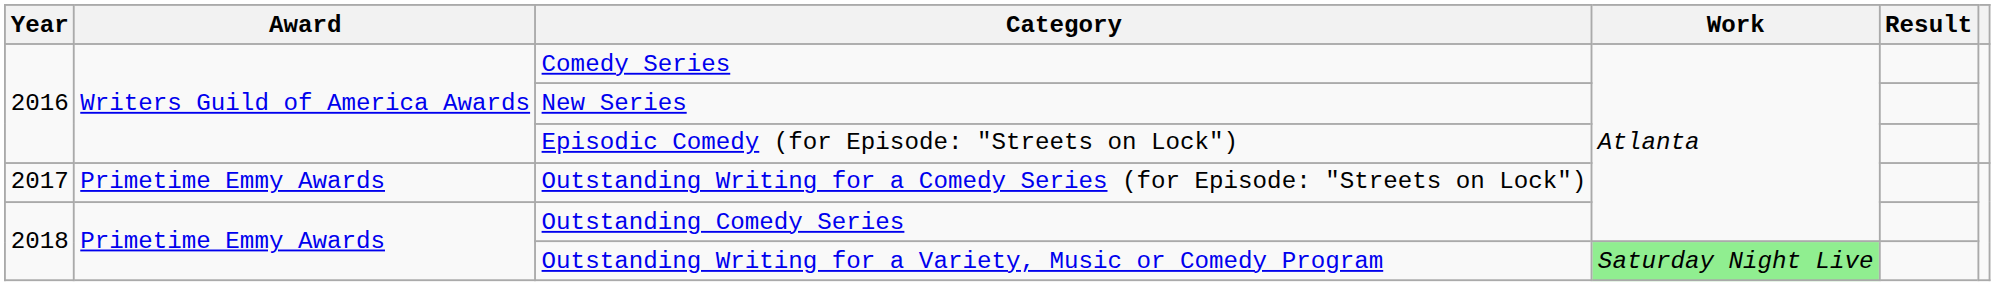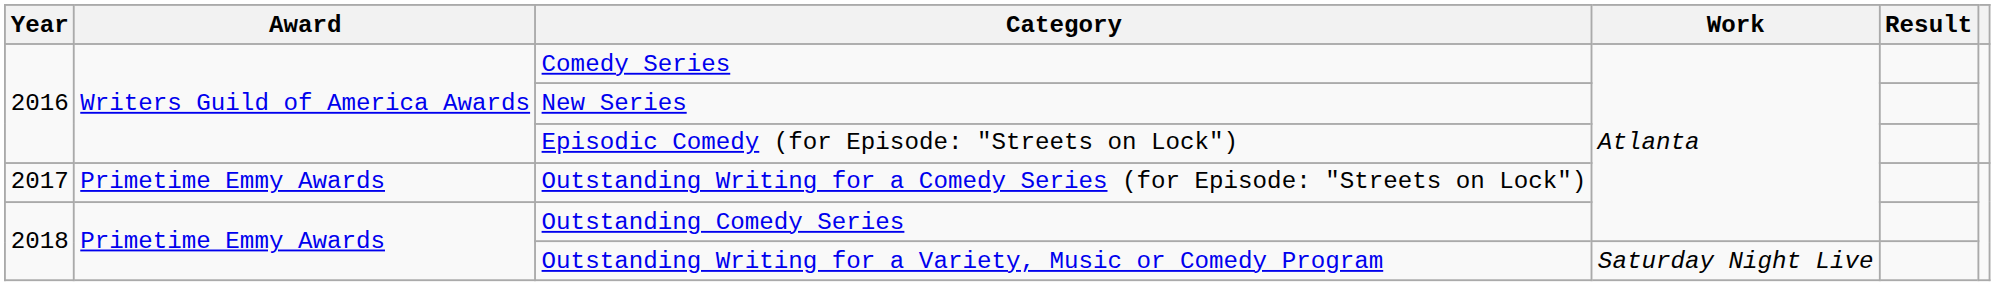 <table class="wikitable sortable">
 <tr>
 <th>Year</th>
 <th>Award</th>
 <th>Category</th>
 <th>Work</th>
 <th>Result</th>
 <th></th>
 </tr>
 <tr>
 <td rowspan="3">2016</td>
 <td rowspan="3"><a href='#'>Writers Guild of America Awards</a></td>
 <td><a href='#'>Comedy Series</a></td>
 <td rowspan="5"><em>Atlanta</em></td>
 <td></td>
 <td rowspan="3"></td>
 </tr>
 <tr>
 <td><a href='#'>New Series</a></td>
 <td></td>
 </tr>
 <tr>
 <td><a href='#'>Episodic Comedy</a> (for Episode: "Streets on Lock")</td>
 <td></td>
 </tr>
 <tr>
 <td>2017</td>
 <td><a href='#'>Primetime Emmy Awards</a></td>
 <td><a href='#'>Outstanding Writing for a Comedy Series</a> (for Episode: "Streets on Lock")</td>
 <td></td>
 <td rowspan="3"></td>
 </tr>
 <tr>
 <td rowspan="2">2018</td>
 <td rowspan="2"><a href='#'>Primetime Emmy Awards</a></td>
 <td><a href='#'>Outstanding Comedy Series</a></td>
 <td></td>
 </tr>
 <tr>
 <td><a href='#'>Outstanding Writing for a Variety, Music or Comedy Program</a></td>
-<td style="background: lightgreen;"><em>Saturday Night Live</em></td>
+<td><em>Saturday Night Live</em></td>
 <td></td>
 </tr>
 </table>
